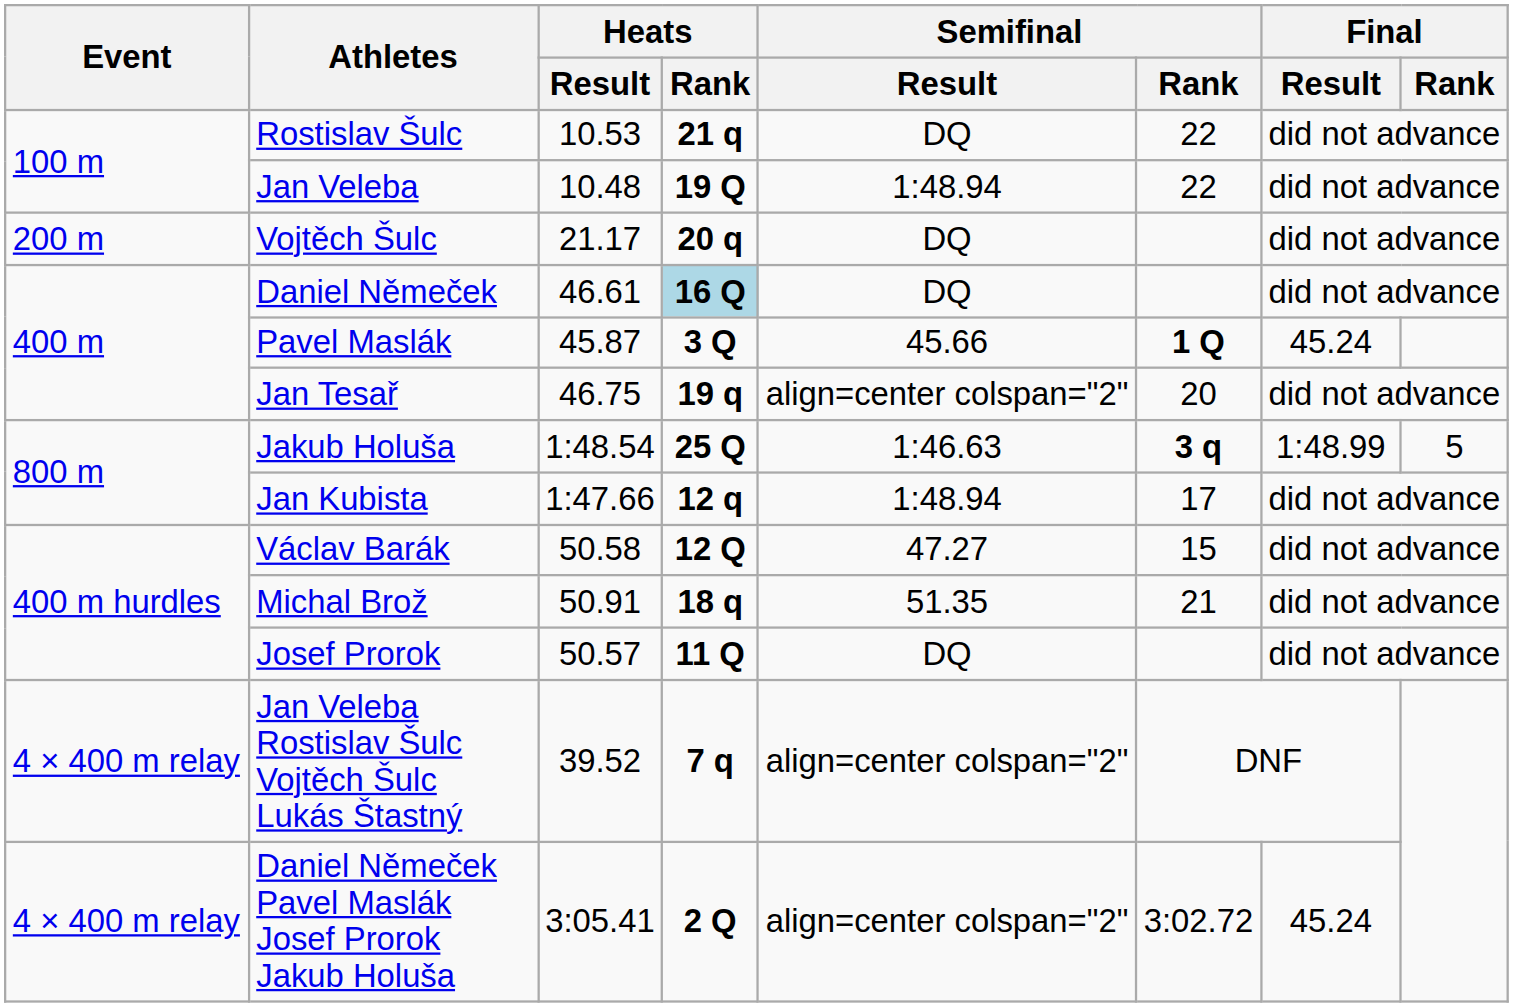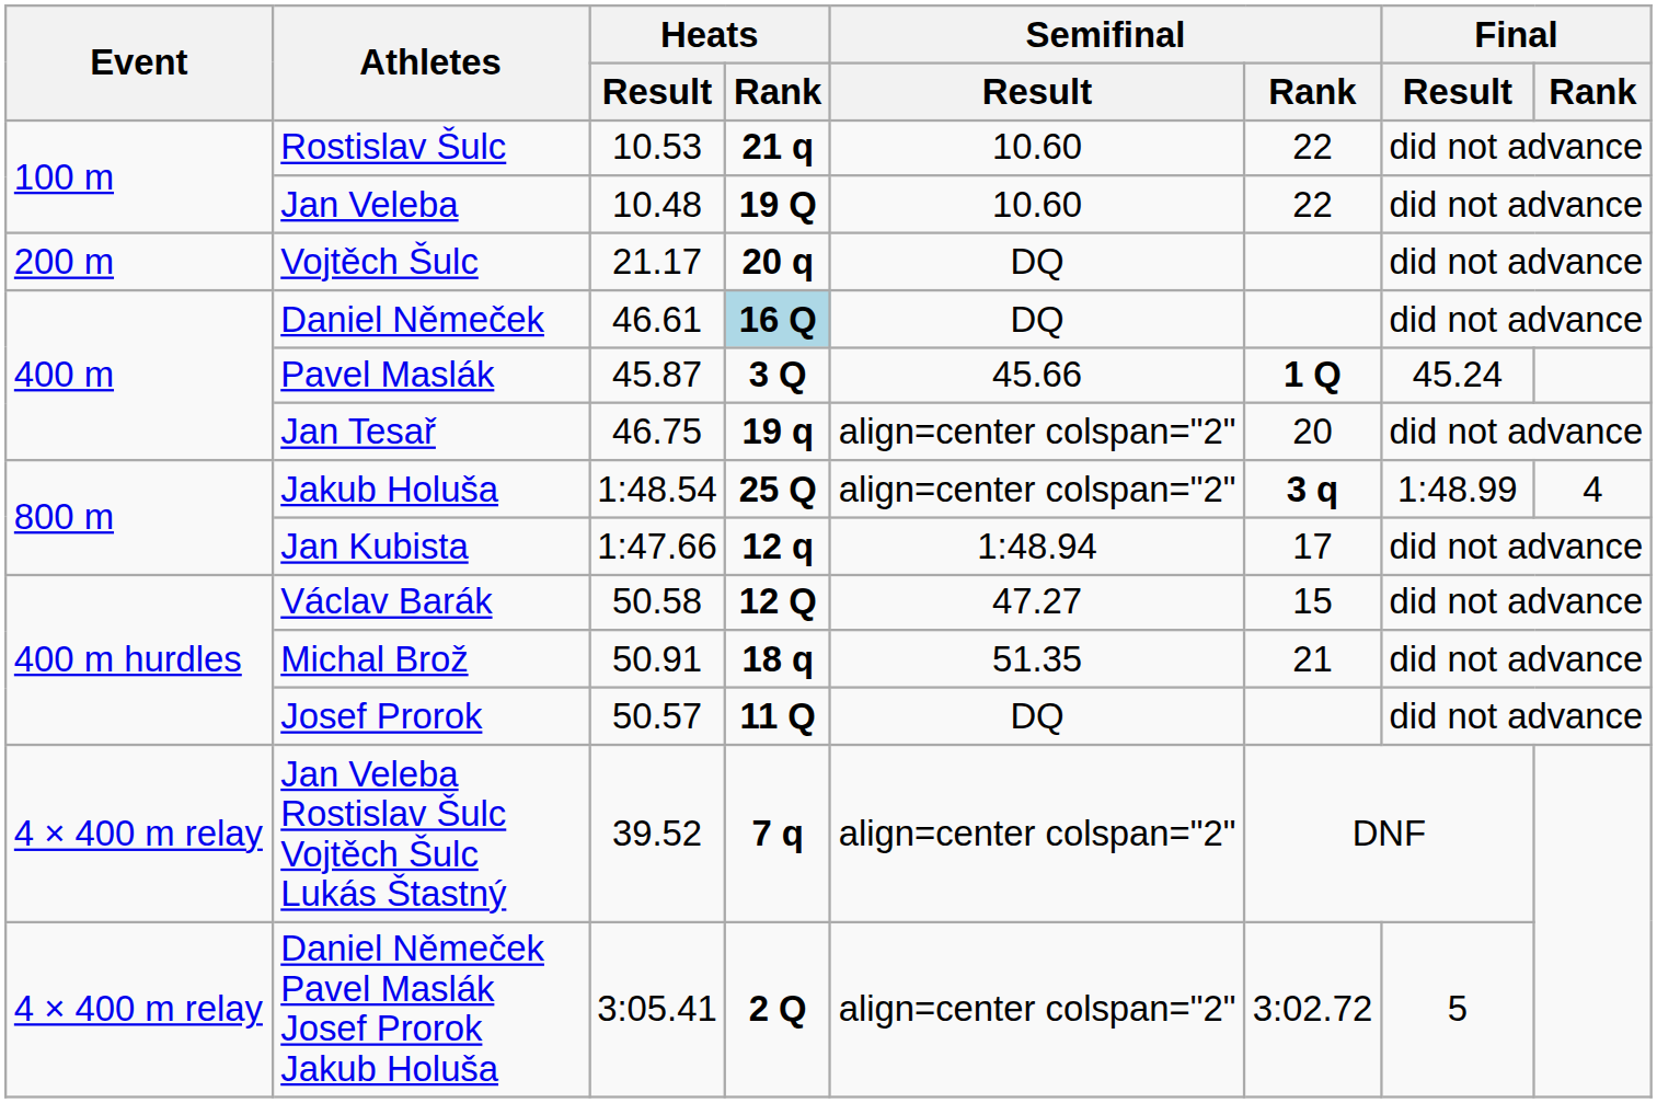 <table class="wikitable" border="1" style="font-size:90%">
 <tr>
 <th rowspan="2" width=100>Event</th>
 <th rowspan="2" width=120>Athletes</th>
 <th colspan="2">Heats</th>
 <th colspan="2">Semifinal</th>
 <th colspan="2">Final</th>
 </tr>
 <tr>
 <th>Result</th>
 <th>Rank</th>
 <th>Result</th>
 <th>Rank</th>
 <th>Result</th>
 <th>Rank</th>
 </tr>
 <tr>
 <td rowspan=2><a href='#'>100 m</a></td>
 <td><a href='#'>Rostislav Šulc</a></td>
 <td align=center>10.53</td>
 <td align=center><strong>21 q</strong></td>
-<td align=center>DQ</td>
+<td align=center>10.60</td>
 <td align=center>22</td>
 <td align=center colspan="2">did not advance</td>
 </tr>
 <tr>
 <td><a href='#'>Jan Veleba</a></td>
 <td align=center>10.48</td>
 <td align=center><strong>19 Q</strong></td>
-<td align=center>1:48.94</td>
+<td align=center>10.60</td>
 <td align=center>22</td>
 <td align=center colspan="2">did not advance</td>
 </tr>
 <tr>
 <td><a href='#'>200 m</a></td>
 <td><a href='#'>Vojtěch Šulc</a></td>
 <td align=center>21.17</td>
 <td align=center><strong>20 q</strong></td>
 <td align=center>DQ</td>
 <td align=center></td>
 <td align=center colspan="2">did not advance</td>
 </tr>
 <tr>
 <td rowspan=3><a href='#'>400 m</a></td>
 <td><a href='#'>Daniel Němeček</a></td>
 <td align=center>46.61</td>
 <td align=center style="background: lightblue;"><strong>16 Q</strong></td>
 <td align=center>DQ</td>
 <td align=center></td>
 <td align=center colspan="2">did not advance</td>
 </tr>
 <tr>
 <td><a href='#'>Pavel Maslák</a></td>
 <td align=center>45.87</td>
 <td align=center><strong>3 Q</strong></td>
 <td align=center>45.66</td>
 <td align=center><strong>1 Q</strong></td>
 <td align=center>45.24</td>
 <td align=center></td>
 </tr>
 <tr>
 <td><a href='#'>Jan Tesař</a></td>
 <td align=center>46.75</td>
 <td align=center><strong>19 q</strong></td>
 <td>align=center colspan="2" </td>
 <td align=center>20</td>
 <td align=center colspan="2">did not advance</td>
 </tr>
 <tr>
 <td rowspan=2><a href='#'>800 m</a></td>
 <td><a href='#'>Jakub Holuša</a></td>
 <td align=center>1:48.54</td>
 <td align=center><strong>25 Q</strong></td>
-<td align=center>1:46.63</td>
+<td>align=center colspan="2" </td>
 <td align=center><strong>3 q</strong></td>
 <td align=center>1:48.99</td>
-<td align=center>5</td>
+<td align=center>4</td>
 </tr>
 <tr>
 <td><a href='#'>Jan Kubista</a></td>
 <td align=center>1:47.66</td>
 <td align=center><strong>12 q</strong></td>
 <td align=center>1:48.94</td>
 <td align=center>17</td>
 <td align=center colspan="2">did not advance</td>
 </tr>
 <tr>
 <td rowspan=3><a href='#'>400 m hurdles</a></td>
 <td><a href='#'>Václav Barák</a></td>
 <td align=center>50.58</td>
 <td align=center><strong>12 Q</strong></td>
 <td align=center>47.27</td>
 <td align=center>15</td>
 <td align=center colspan="2">did not advance</td>
 </tr>
 <tr>
 <td><a href='#'>Michal Brož</a></td>
 <td align=center>50.91</td>
 <td align=center><strong>18 q</strong></td>
 <td align=center>51.35</td>
 <td align=center>21</td>
 <td align=center colspan="2">did not advance</td>
 </tr>
 <tr>
 <td><a href='#'>Josef Prorok</a></td>
 <td align=center>50.57</td>
 <td align=center><strong>11 Q</strong></td>
 <td align=center>DQ</td>
 <td align=center></td>
 <td align=center colspan="2">did not advance</td>
 </tr>
 <tr>
 <td><a href='#'>4 × 400 m relay</a></td>
 <td><a href='#'>Jan Veleba</a><br><a href='#'>Rostislav Šulc</a><br><a href='#'>Vojtěch Šulc</a><br><a href='#'>Lukás Štastný</a></td>
 <td align=center>39.52</td>
 <td align=center><strong>7 q</strong></td>
 <td>align=center colspan="2" </td>
 <td align=center colspan="2">DNF</td>
 </tr>
 <tr>
 <td><a href='#'>4 × 400 m relay</a></td>
 <td><a href='#'>Daniel Němeček</a><br><a href='#'>Pavel Maslák</a><br><a href='#'>Josef Prorok</a><br><a href='#'>Jakub Holuša</a></td>
 <td align=center>3:05.41</td>
 <td align=center><strong>2 Q</strong></td>
 <td>align=center colspan="2" </td>
 <td align=center>3:02.72</td>
-<td align=center>45.24</td>
+<td align=center>5</td>
 </tr>
 </table>
